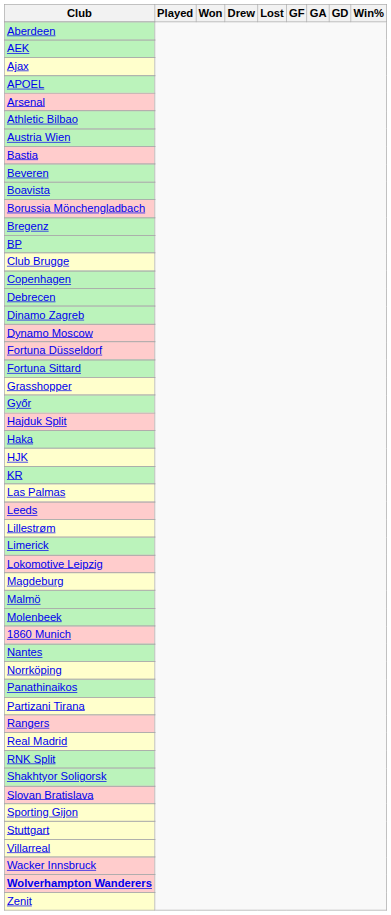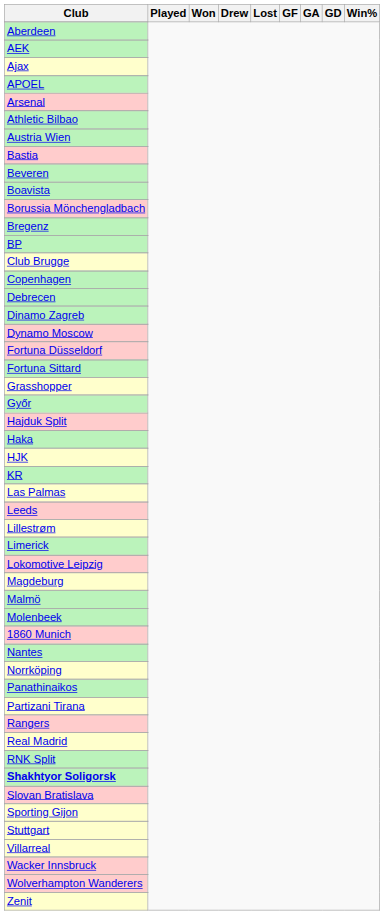 <table class="wikitable sortable" style="text-align: left;">
 <tr>
 <th>Club</th>
 <th>Played</th>
 <th>Won</th>
 <th>Drew</th>
 <th>Lost</th>
 <th>GF</th>
 <th>GA</th>
 <th>GD</th>
 <th>Win%</th>
 </tr>
 <tr>
 </tr>
 <tr bgcolor= "#bbf3bb">
 <td style=align=left> <a href='#'>Aberdeen</a><br></td>
 </tr>
 <tr>
 </tr>
 <tr bgcolor= "#bbf3bb">
 <td style=align=left> <a href='#'>AEK</a><br></td>
 </tr>
 <tr>
 </tr>
 <tr bgcolor= "#ffffcc">
 <td style=align=left> <a href='#'>Ajax</a><br></td>
 </tr>
 <tr>
 </tr>
 <tr bgcolor= "#bbf3bb">
 <td style=align=left> <a href='#'>APOEL</a><br></td>
 </tr>
 <tr |- bgcolor= "#ffcccc">
 <td style=align=left> <a href='#'>Arsenal</a><br></td>
 </tr>
 <tr>
 </tr>
 <tr bgcolor= "#bbf3bb">
 <td style=align=left> <a href='#'>Athletic Bilbao</a><br></td>
 </tr>
 <tr>
 </tr>
 <tr bgcolor= "#bbf3bb">
 <td style=align=left> <a href='#'>Austria Wien</a><br></td>
 </tr>
 <tr>
 </tr>
 <tr bgcolor= "#ffcccc">
 <td style=align=left> <a href='#'>Bastia</a><br></td>
 </tr>
 <tr>
 </tr>
 <tr bgcolor= "#bbf3bb">
 <td style=align=left> <a href='#'>Beveren</a><br></td>
 </tr>
 <tr>
 </tr>
 <tr bgcolor= "#bbf3bb">
 <td style=align=left> <a href='#'>Boavista</a><br></td>
 </tr>
 <tr>
 </tr>
 <tr bgcolor= "#ffcccc">
 <td style=align=left> <a href='#'>Borussia Mönchengladbach</a><br></td>
 </tr>
 <tr>
 </tr>
 <tr bgcolor= "#bbf3bb">
 <td style=align=left> <a href='#'>Bregenz</a><br></td>
 </tr>
 <tr>
 </tr>
 <tr bgcolor= "#bbf3bb">
 <td style=align=left> <a href='#'>BP</a><br></td>
 </tr>
 <tr>
 </tr>
 <tr bgcolor= "#ffffcc">
 <td style=align=left> <a href='#'>Club Brugge</a><br></td>
 </tr>
 <tr>
 </tr>
 <tr bgcolor= "#bbf3bb">
 <td style=align=left> <a href='#'>Copenhagen</a><br></td>
 </tr>
 <tr>
 </tr>
 <tr bgcolor= "#bbf3bb">
 <td style=align=left> <a href='#'>Debrecen</a><br></td>
 </tr>
 <tr>
 </tr>
 <tr bgcolor= "#bbf3bb">
 <td style=align=left> <a href='#'>Dinamo Zagreb</a><br></td>
 </tr>
 <tr>
 </tr>
 <tr bgcolor= "#ffcccc">
 <td style=align=left> <a href='#'>Dynamo Moscow</a><br></td>
 </tr>
 <tr>
 </tr>
 <tr bgcolor= "#ffcccc">
 <td style=align=left> <a href='#'>Fortuna Düsseldorf</a><br></td>
 </tr>
 <tr>
 </tr>
 <tr bgcolor= "#bbf3bb">
 <td style=align=left> <a href='#'>Fortuna Sittard</a><br></td>
 </tr>
 <tr>
 </tr>
 <tr bgcolor= "#ffffcc">
 <td style=align=left> <a href='#'>Grasshopper</a><br></td>
 </tr>
 <tr>
 </tr>
 <tr bgcolor= "#bbf3bb">
 <td style=align=left> <a href='#'>Győr</a><br></td>
 </tr>
 <tr bgcolor= "#ffcccc">
 <td style=align=left> <a href='#'>Hajduk Split</a><br></td>
 </tr>
 <tr>
 </tr>
 <tr bgcolor= "#bbf3bb">
 <td style=align=left> <a href='#'>Haka</a><br></td>
 </tr>
 <tr>
 </tr>
 <tr bgcolor= "#ffffcc">
 <td style=align=left> <a href='#'>HJK</a><br></td>
 </tr>
 <tr>
 </tr>
 <tr bgcolor= "#bbf3bb">
 <td style=align=left> <a href='#'>KR</a><br></td>
 </tr>
 <tr>
 </tr>
 <tr bgcolor= "#ffffcc">
 <td style=align=left> <a href='#'>Las Palmas</a><br></td>
 </tr>
 <tr>
 </tr>
 <tr bgcolor= "#ffcccc">
 <td style=align=left> <a href='#'>Leeds</a><br></td>
 </tr>
 <tr>
 </tr>
 <tr bgcolor= "#ffffcc">
 <td style=align=left> <a href='#'>Lillestrøm</a><br></td>
 </tr>
 <tr>
 </tr>
 <tr bgcolor= "#bbf3bb">
 <td style=align=left> <a href='#'>Limerick</a><br></td>
 </tr>
 <tr>
 </tr>
 <tr bgcolor= "#ffcccc">
 <td style=align=left> <a href='#'>Lokomotive Leipzig</a><br></td>
 </tr>
 <tr>
 </tr>
 <tr bgcolor= "#ffffcc">
 <td style=align=left> <a href='#'>Magdeburg</a><br></td>
 </tr>
 <tr>
 </tr>
 <tr bgcolor= "#bbf3bb">
 <td style=align=left> <a href='#'>Malmö</a><br></td>
 </tr>
 <tr>
 </tr>
 <tr bgcolor= "#bbf3bb">
 <td style=align=left> <a href='#'>Molenbeek</a><br></td>
 </tr>
 <tr>
 </tr>
 <tr bgcolor= "#ffcccc">
 <td style=align=left> <a href='#'>1860 Munich</a><br></td>
 </tr>
 <tr>
 </tr>
 <tr bgcolor= "#bbf3bb">
 <td style=align=left> <a href='#'>Nantes</a><br></td>
 </tr>
 <tr>
 </tr>
 <tr bgcolor= "#ffffcc">
 <td style=align=left> <a href='#'>Norrköping</a><br></td>
 </tr>
 <tr>
 </tr>
 <tr bgcolor= "#bbf3bb">
 <td style=align=left> <a href='#'>Panathinaikos</a><br></td>
 </tr>
 <tr>
 </tr>
 <tr bgcolor= "#ffffcc">
 <td style=align=left> <a href='#'>Partizani Tirana</a><br></td>
 </tr>
 <tr>
 </tr>
 <tr bgcolor= "#ffcccc">
 <td style=align=left> <a href='#'>Rangers</a><br></td>
 </tr>
 <tr>
 </tr>
 <tr bgcolor= "#ffffcc">
 <td style=align=left> <a href='#'>Real Madrid</a><br></td>
 </tr>
 <tr>
 </tr>
 <tr bgcolor= "#bbf3bb">
 <td style=align=left> <a href='#'>RNK Split</a><br></td>
 </tr>
 <tr>
 </tr>
 <tr bgcolor= "#bbf3bb">
-<td style=align=left> <a href='#'>Shakhtyor Soligorsk</a><br></td>
+<td style=align=left><strong> <a href='#'>Shakhtyor Soligorsk</a><br></strong></td>
 </tr>
 <tr>
 </tr>
 <tr bgcolor= "#ffcccc">
 <td style=align=left> <a href='#'>Slovan Bratislava</a><br></td>
 </tr>
 <tr>
 </tr>
 <tr bgcolor= "#ffffcc">
 <td style=align=left> <a href='#'>Sporting Gijon</a><br></td>
 </tr>
 <tr>
 </tr>
 <tr bgcolor= "#ffffcc">
 <td style=align=left> <a href='#'>Stuttgart</a><br></td>
 </tr>
 <tr>
 </tr>
 <tr bgcolor= "#ffffcc">
 <td style=align=left> <a href='#'>Villarreal</a><br></td>
 </tr>
 <tr>
 </tr>
 <tr bgcolor= "#ffcccc">
 <td style=align=left> <a href='#'>Wacker Innsbruck</a><br></td>
 </tr>
 <tr>
 </tr>
 <tr bgcolor= "#ffcccc">
-<td style=align=left><strong> <a href='#'>Wolverhampton Wanderers</a><br></strong></td>
+<td style=align=left> <a href='#'>Wolverhampton Wanderers</a><br></td>
 </tr>
 <tr>
 </tr>
 <tr bgcolor= "#ffffcc">
 <td style=align=left> <a href='#'>Zenit</a><br></td>
 </tr>
 </table>
